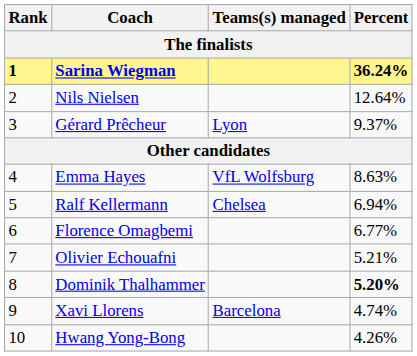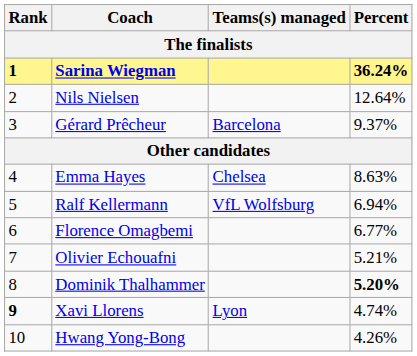 <table class="wikitable">
 <tr>
 <th>Rank</th>
 <th>Coach</th>
 <th>Teams(s) managed</th>
 <th>Percent</th>
 </tr>
 <tr>
 <th colspan="4">The finalists</th>
 </tr>
 <tr style="background-color: #FFF68F; font-weight: bold;">
 <td>1</td>
 <td> <a href='#'>Sarina Wiegman</a></td>
 <td></td>
 <td>36.24%</td>
 </tr>
 <tr>
 <td>2</td>
 <td> <a href='#'>Nils Nielsen</a></td>
 <td></td>
 <td>12.64%</td>
 </tr>
 <tr>
 <td>3</td>
 <td> <a href='#'>Gérard Prêcheur</a></td>
-<td> <a href='#'>Lyon</a></td>
+<td> <a href='#'>Barcelona</a></td>
 <td>9.37%</td>
 </tr>
 <tr>
 <th colspan="4">Other candidates</th>
 </tr>
 <tr>
 <td>4</td>
 <td> <a href='#'>Emma Hayes</a></td>
-<td> <a href='#'>VfL Wolfsburg</a></td>
+<td> <a href='#'>Chelsea</a></td>
 <td>8.63%</td>
 </tr>
 <tr>
 <td>5</td>
 <td> <a href='#'>Ralf Kellermann</a></td>
-<td> <a href='#'>Chelsea</a></td>
+<td> <a href='#'>VfL Wolfsburg</a></td>
 <td>6.94%</td>
 </tr>
 <tr>
 <td>6</td>
 <td> <a href='#'>Florence Omagbemi</a></td>
 <td></td>
 <td>6.77%</td>
 </tr>
 <tr>
 <td>7</td>
 <td> <a href='#'>Olivier Echouafni</a></td>
 <td></td>
 <td>5.21%</td>
 </tr>
 <tr>
 <td>8</td>
 <td> <a href='#'>Dominik Thalhammer</a></td>
 <td></td>
 <td><strong>5.20%</strong></td>
 </tr>
 <tr>
-<td>9</td>
+<td><strong>9</strong></td>
 <td> <a href='#'>Xavi Llorens</a></td>
-<td> <a href='#'>Barcelona</a></td>
+<td> <a href='#'>Lyon</a></td>
 <td>4.74%</td>
 </tr>
 <tr>
 <td>10</td>
 <td> <a href='#'>Hwang Yong-Bong</a></td>
 <td></td>
 <td>4.26%</td>
 </tr>
 </table>
